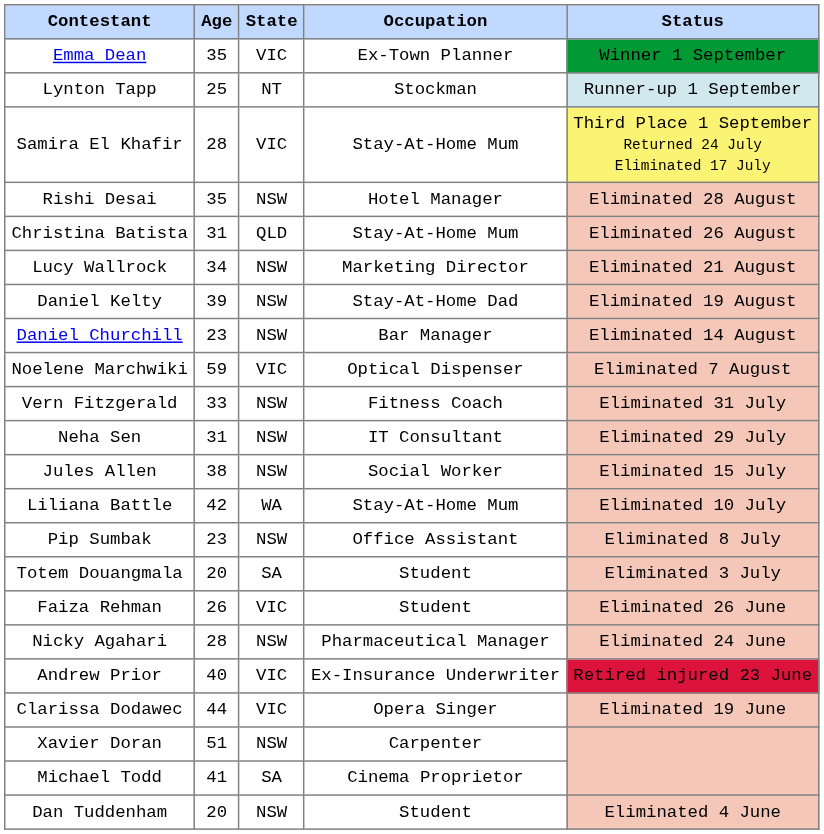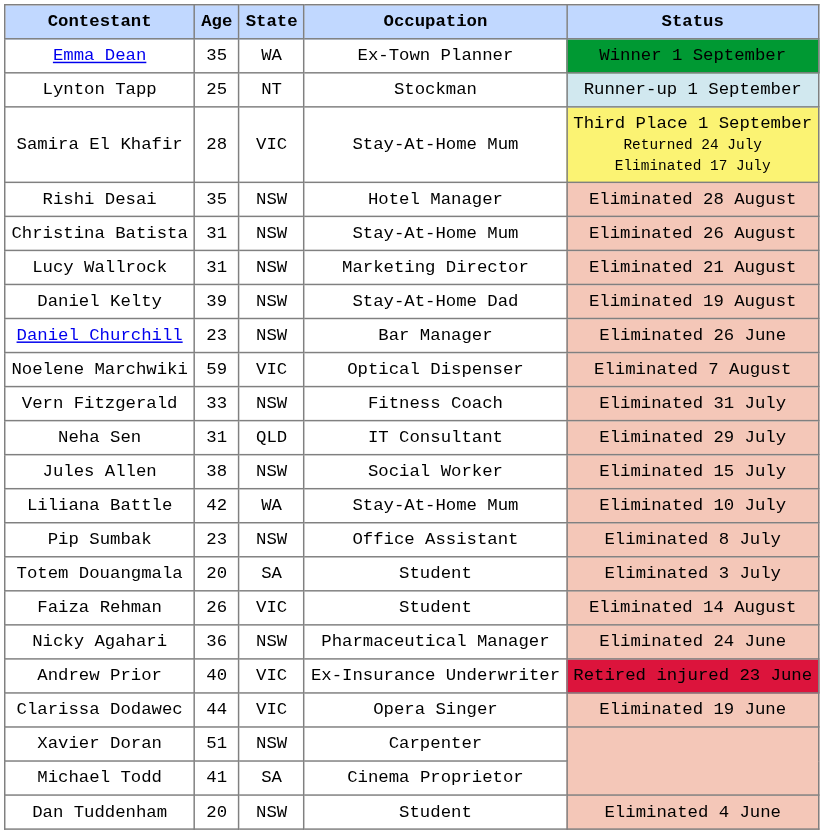 <table class="sortable" border="1" cellpadding="4" cellspacing="0" style="text-align:center; font-size:90%; border-collapse:collapse;">
 <tr style="background:#C1D8FF;">
 <th>Contestant</th>
 <th>Age</th>
 <th>State</th>
 <th>Occupation</th>
 <th>Status</th>
 </tr>
 <tr>
 <td><a href='#'>Emma Dean</a></td>
 <td>35</td>
-<td>VIC</td>
+<td>WA</td>
 <td>Ex-Town Planner</td>
 <td style="background:#093;"><span>Winner 1 September</span></td>
 </tr>
 <tr>
 <td>Lynton Tapp</td>
 <td>25</td>
 <td>NT</td>
 <td>Stockman</td>
 <td style="background:#d1e8ef; text-align:center;">Runner-up 1 September</td>
 </tr>
 <tr>
 <td>Samira El Khafir</td>
 <td>28</td>
 <td>VIC</td>
 <td>Stay-At-Home Mum</td>
 <td style="background:#fbf373; text-align:center;">Third Place 1 September<br><small>Returned 24 July</small><br><small>Eliminated 17 July </small></td>
 </tr>
 <tr>
 <td>Rishi Desai</td>
 <td>35</td>
 <td>NSW</td>
 <td>Hotel Manager</td>
 <td style="background:#f4c7b8; text-align:center;">Eliminated 28 August</td>
 </tr>
 <tr>
 <td>Christina Batista</td>
 <td>31</td>
-<td>QLD</td>
+<td>NSW</td>
 <td>Stay-At-Home Mum</td>
 <td style="background:#f4c7b8; text-align:center;">Eliminated 26 August</td>
 </tr>
 <tr>
 <td>Lucy Wallrock</td>
-<td>34</td>
+<td>31</td>
 <td>NSW</td>
 <td>Marketing Director</td>
 <td style="background:#f4c7b8; text-align:center;">Eliminated 21 August</td>
 </tr>
 <tr>
 <td>Daniel Kelty</td>
 <td>39</td>
 <td>NSW</td>
 <td>Stay-At-Home Dad</td>
 <td style="background:#f4c7b8; text-align:center;">Eliminated 19 August</td>
 </tr>
 <tr>
 <td><a href='#'>Daniel Churchill</a></td>
 <td>23</td>
 <td>NSW</td>
 <td>Bar Manager</td>
-<td style="background:#f4c7b8; text-align: center;">Eliminated 14 August</td>
+<td style="background:#f4c7b8; text-align:center;">Eliminated 26 June</td>
 </tr>
 <tr>
 <td>Noelene Marchwiki</td>
 <td>59</td>
 <td>VIC</td>
 <td>Optical Dispenser</td>
 <td style="background:#f4c7b8; text-align:center;">Eliminated 7 August</td>
 </tr>
 <tr>
 <td>Vern Fitzgerald</td>
 <td>33</td>
 <td>NSW</td>
 <td>Fitness Coach</td>
 <td style="background:#f4c7b8; text-align:center;">Eliminated 31 July</td>
 </tr>
 <tr>
 <td>Neha Sen</td>
 <td>31</td>
-<td>NSW</td>
+<td>QLD</td>
 <td>IT Consultant</td>
 <td style="background:#f4c7b8; text-align:center;">Eliminated 29 July</td>
 </tr>
 <tr>
 <td>Jules Allen</td>
 <td>38</td>
 <td>NSW</td>
 <td>Social Worker</td>
 <td style="background:#f4c7b8; text-align:center;">Eliminated 15 July</td>
 </tr>
 <tr>
 <td>Liliana Battle</td>
 <td>42</td>
 <td>WA</td>
 <td>Stay-At-Home Mum</td>
 <td style="background:#f4c7b8; text-align:center;">Eliminated 10 July</td>
 </tr>
 <tr>
 <td>Pip Sumbak</td>
 <td>23</td>
 <td>NSW</td>
 <td>Office Assistant</td>
 <td style="background:#f4c7b8; text-align:center;">Eliminated 8 July</td>
 </tr>
 <tr>
 <td>Totem Douangmala</td>
 <td>20</td>
 <td>SA</td>
 <td>Student</td>
 <td style="background:#f4c7b8; text-align:center;">Eliminated 3 July</td>
 </tr>
 <tr>
 <td>Faiza Rehman</td>
 <td>26</td>
 <td>VIC</td>
 <td>Student</td>
-<td style="background:#f4c7b8; text-align:center;">Eliminated 26 June</td>
+<td style="background:#f4c7b8; text-align: center;">Eliminated 14 August</td>
 </tr>
 <tr>
 <td>Nicky Agahari</td>
-<td>28</td>
+<td>36</td>
 <td>NSW</td>
 <td>Pharmaceutical Manager</td>
 <td style="background:#f4c7b8; text-align:center;">Eliminated 24 June</td>
 </tr>
 <tr>
 <td>Andrew Prior</td>
 <td>40</td>
 <td>VIC</td>
 <td>Ex-Insurance Underwriter</td>
 <td style="background:crimson;"><span> Retired injured 23 June</span></td>
 </tr>
 <tr>
 <td>Clarissa Dodawec</td>
 <td>44</td>
 <td>VIC</td>
 <td>Opera Singer</td>
 <td style="background:#f4c7b8; text-align:center;">Eliminated 19 June</td>
 </tr>
 <tr>
 <td>Xavier Doran</td>
 <td>51</td>
 <td>NSW</td>
 <td>Carpenter</td>
 <td style="background:#f4c7b8; text-align:center;" rowspan="2"></td>
 </tr>
 <tr>
 <td>Michael Todd</td>
 <td>41</td>
 <td>SA</td>
 <td>Cinema Proprietor</td>
 </tr>
 <tr>
 <td>Dan Tuddenham</td>
 <td>20</td>
 <td>NSW</td>
 <td>Student</td>
 <td style="background:#f4c7b8; text-align:center;">Eliminated 4 June</td>
 </tr>
 </table>
